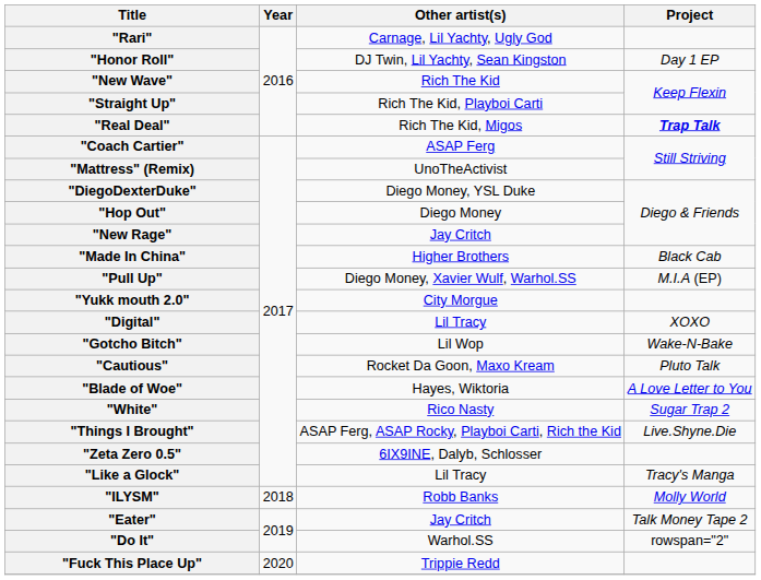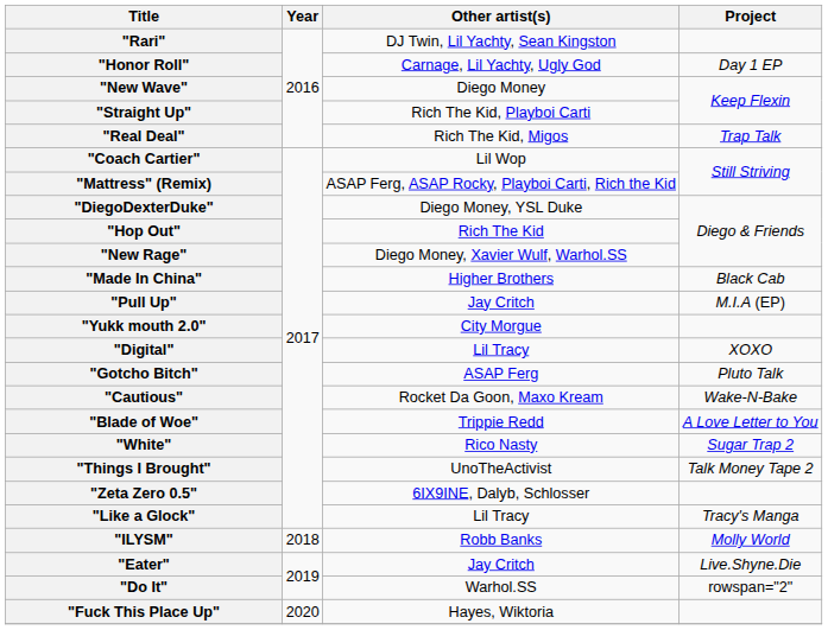 <table class="wikitable plainrowheaders" style="text-align:center">
 <tr>
 <th scope="col" style="width:18em;">Title</th>
 <th scope="col">Year</th>
 <th scope="col">Other artist(s)</th>
 <th scope="col">Project</th>
 </tr>
 <tr>
 <th scope="row">"Rari"</th>
 <td rowspan="5">2016</td>
-<td><a href='#'>Carnage</a>, <a href='#'>Lil Yachty</a>, <a href='#'>Ugly God</a></td>
+<td>DJ Twin, <a href='#'>Lil Yachty</a>, <a href='#'>Sean Kingston</a></td>
 <td></td>
 </tr>
 <tr>
 <th scope="row">"Honor Roll"</th>
-<td>DJ Twin, <a href='#'>Lil Yachty</a>, <a href='#'>Sean Kingston</a></td>
+<td><a href='#'>Carnage</a>, <a href='#'>Lil Yachty</a>, <a href='#'>Ugly God</a></td>
 <td><em>Day 1 EP</em></td>
 </tr>
 <tr>
 <th scope="row">"New Wave"</th>
-<td><a href='#'>Rich The Kid</a></td>
+<td>Diego Money</td>
 <td rowspan="2"><em><a href='#'>Keep Flexin</a></em></td>
 </tr>
 <tr>
 <th scope="row">"Straight Up"</th>
 <td>Rich The Kid, <a href='#'>Playboi Carti</a></td>
 </tr>
 <tr>
 <th scope="row">"Real Deal"</th>
 <td>Rich The Kid, <a href='#'>Migos</a></td>
-<td><strong><em><a href='#'>Trap Talk</a></em></strong></td>
+<td><em><a href='#'>Trap Talk</a></em></td>
 </tr>
 <tr>
 <th scope="row">"Coach Cartier"</th>
 <td rowspan="16">2017</td>
-<td><a href='#'>ASAP Ferg</a></td>
+<td>Lil Wop</td>
 <td rowspan="2"><em><a href='#'>Still Striving</a></em></td>
 </tr>
 <tr>
 <th scope="row">"Mattress" (Remix)</th>
-<td>UnoTheActivist</td>
+<td>ASAP Ferg, <a href='#'>ASAP Rocky</a>, <a href='#'>Playboi Carti</a>, <a href='#'>Rich the Kid</a></td>
 </tr>
 <tr>
 <th scope="row">"DiegoDexterDuke"</th>
 <td>Diego Money, YSL Duke</td>
 <td rowspan="3"><em>Diego & Friends</em></td>
 </tr>
 <tr>
 <th scope="row">"Hop Out"</th>
-<td>Diego Money</td>
+<td><a href='#'>Rich The Kid</a></td>
 </tr>
 <tr>
 <th scope="row">"New Rage"</th>
-<td><a href='#'>Jay Critch</a></td>
+<td>Diego Money, <a href='#'>Xavier Wulf</a>, <a href='#'>Warhol.SS</a></td>
 </tr>
 <tr>
 <th scope="row">"Made In China"</th>
 <td><a href='#'>Higher Brothers</a></td>
 <td><em>Black Cab</em></td>
 </tr>
 <tr>
 <th scope="row">"Pull Up"</th>
-<td>Diego Money, <a href='#'>Xavier Wulf</a>, <a href='#'>Warhol.SS</a></td>
+<td><a href='#'>Jay Critch</a></td>
 <td><em>M.I.A</em> (EP)</td>
 </tr>
 <tr>
 <th scope="row">"Yukk mouth 2.0"</th>
 <td><a href='#'>City Morgue</a></td>
 </tr>
 <tr>
 <th scope="row">"Digital"</th>
 <td><a href='#'>Lil Tracy</a></td>
 <td><em>XOXO</em></td>
 </tr>
 <tr>
 <th scope="row">"Gotcho Bitch"</th>
-<td>Lil Wop</td>
-<td><em>Wake-N-Bake</em></td>
+<td><a href='#'>ASAP Ferg</a></td>
+<td><em>Pluto Talk</em></td>
 </tr>
 <tr>
 <th scope="row">"Cautious"</th>
 <td>Rocket Da Goon, <a href='#'>Maxo Kream</a></td>
-<td><em>Pluto Talk</em></td>
+<td><em>Wake-N-Bake</em></td>
 </tr>
 <tr>
 <th scope="row">"Blade of Woe"</th>
-<td>Hayes, Wiktoria</td>
+<td><a href='#'>Trippie Redd</a></td>
 <td><em><a href='#'>A Love Letter to You</a></em></td>
 </tr>
 <tr>
 <th scope="row">"White"</th>
 <td><a href='#'>Rico Nasty</a></td>
 <td><em><a href='#'>Sugar Trap 2</a></em></td>
 </tr>
 <tr>
 <th scope="row">"Things I Brought"</th>
-<td>ASAP Ferg, <a href='#'>ASAP Rocky</a>, <a href='#'>Playboi Carti</a>, <a href='#'>Rich the Kid</a></td>
-<td><em>Live.Shyne.Die</em></td>
+<td>UnoTheActivist</td>
+<td><em>Talk Money Tape 2</em></td>
 </tr>
 <tr>
 <th scope="row">"Zeta Zero 0.5"</th>
 <td><a href='#'>6IX9INE</a>, Dalyb, Schlosser</td>
 <td></td>
 </tr>
 <tr>
 <th scope="row">"Like a Glock"</th>
 <td>Lil Tracy</td>
 <td><em>Tracy's Manga</em></td>
 </tr>
 <tr>
 <th scope="row">"ILYSM"</th>
 <td>2018</td>
 <td><a href='#'>Robb Banks</a></td>
 <td><em><a href='#'>Molly World</a></em></td>
 </tr>
 <tr>
 <th scope="row">"Eater"</th>
 <td rowspan="2">2019</td>
 <td><a href='#'>Jay Critch</a></td>
-<td><em>Talk Money Tape 2</em></td>
+<td><em>Live.Shyne.Die</em></td>
 </tr>
 <tr>
 <th scope="row">"Do It"</th>
 <td>Warhol.SS</td>
 <td>rowspan="2" </td>
 </tr>
 <tr>
 <th scope="row">"Fuck This Place Up"</th>
 <td>2020</td>
-<td><a href='#'>Trippie Redd</a></td>
+<td>Hayes, Wiktoria</td>
 <td></td>
 </tr>
 <tr>
 </tr>
 </table>
